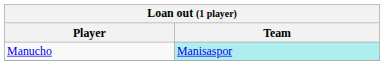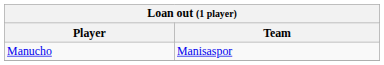 <table class="wikitable collapsible collapsed">
 <tr>
 <th colspan="2" width="500"> <strong>Loan out</strong> <small>(1 player)</small></th>
 </tr>
 <tr>
 <th>Player</th>
 <th>Team</th>
 </tr>
 <tr>
 <td> <a href='#'>Manucho</a></td>
-<td style="background: paleturquoise;"> <a href='#'>Manisaspor</a></td>
+<td> <a href='#'>Manisaspor</a></td>
 </tr>
 <tr>
 </tr>
 </table>
